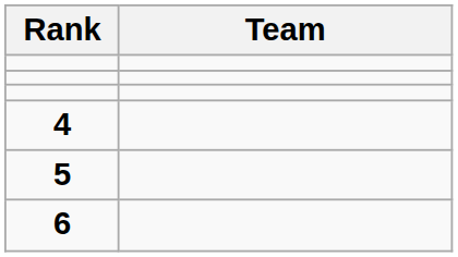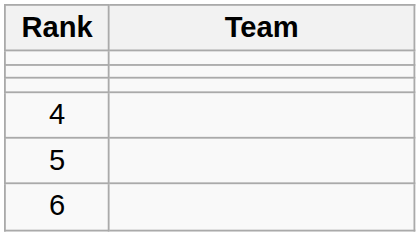 <table class="wikitable" style="text-align: center">
 <tr>
 <th width=50>Rank</th>
 <th width=160>Team</th>
 </tr>
 <tr>
 <td></td>
 <td align=left></td>
 </tr>
 <tr>
 <td></td>
 <td align=left></td>
 </tr>
 <tr>
 <td></td>
 <td align=left></td>
 </tr>
 <tr>
-<td><strong>4</strong></td>
+<td>4</td>
 <td align=left></td>
 </tr>
 <tr>
-<td><strong>5</strong></td>
+<td>5</td>
 <td align=left></td>
 </tr>
 <tr>
-<td><strong>6</strong></td>
+<td>6</td>
 <td align=left></td>
 </tr>
 </table>
